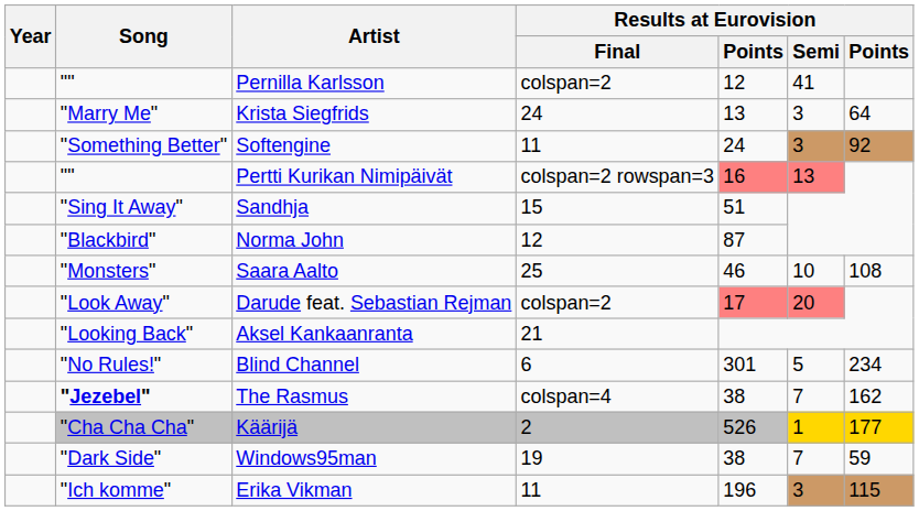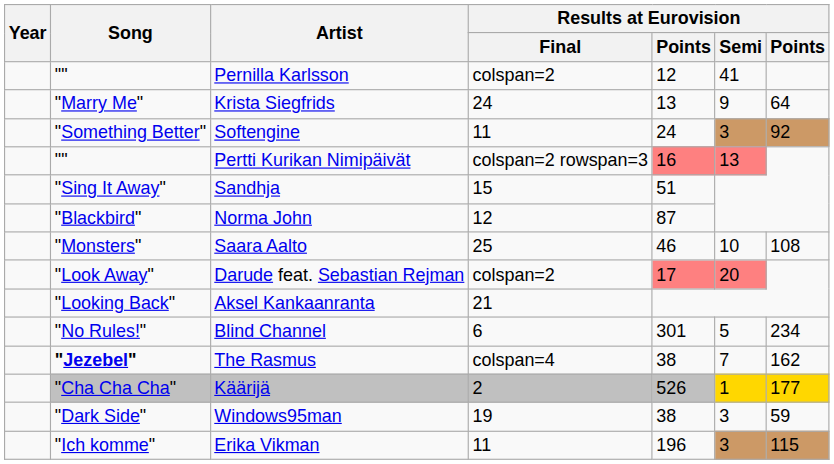 <table class="wikitable sortable">
 <tr>
 <th rowspan="2">Year</th>
 <th rowspan="2">Song</th>
 <th rowspan="2">Artist</th>
 <th colspan="4">Results at Eurovision</th>
 </tr>
 <tr bgcolor="#efefef">
 <th>Final</th>
 <th>Points</th>
 <th>Semi</th>
 <th>Points</th>
 </tr>
 <tr>
 <td></td>
 <td>""</td>
 <td><a href='#'>Pernilla Karlsson</a></td>
 <td>colspan=2 </td>
 <td>12</td>
 <td>41</td>
 </tr>
 <tr>
 <td></td>
 <td>"<a href='#'>Marry Me</a>"</td>
 <td><a href='#'>Krista Siegfrids</a></td>
 <td>24</td>
 <td>13</td>
-<td>3</td>
+<td>9</td>
 <td>64</td>
 </tr>
 <tr>
 <td></td>
 <td>"<a href='#'>Something Better</a>"</td>
 <td><a href='#'>Softengine</a></td>
 <td>11</td>
 <td>24</td>
 <td bgcolor="#CC9966">3</td>
 <td bgcolor="#CC9966">92</td>
 </tr>
 <tr>
 <td></td>
 <td>""</td>
 <td><a href='#'>Pertti Kurikan Nimipäivät</a></td>
 <td>colspan=2 rowspan=3 </td>
 <td bgcolor="#FE8080">16</td>
 <td bgcolor="#FE8080">13</td>
 </tr>
 <tr>
 <td></td>
 <td>"<a href='#'>Sing It Away</a>"</td>
 <td><a href='#'>Sandhja</a></td>
 <td>15</td>
 <td>51</td>
 </tr>
 <tr>
 <td></td>
 <td>"<a href='#'>Blackbird</a>"</td>
 <td><a href='#'>Norma John</a></td>
 <td>12</td>
 <td>87</td>
 </tr>
 <tr>
 <td></td>
 <td>"<a href='#'>Monsters</a>"</td>
 <td><a href='#'>Saara Aalto</a></td>
 <td>25</td>
 <td>46</td>
 <td>10</td>
 <td>108</td>
 </tr>
 <tr>
 <td></td>
 <td>"<a href='#'>Look Away</a>"</td>
 <td><a href='#'>Darude</a> feat. <a href='#'>Sebastian Rejman</a></td>
 <td>colspan=2 </td>
 <td bgcolor="#FE8080">17</td>
 <td bgcolor="#FE8080">20</td>
 </tr>
 <tr>
 <td></td>
 <td>"<a href='#'>Looking Back</a>"</td>
 <td><a href='#'>Aksel Kankaanranta</a></td>
 <td>21</td>
 </tr>
 <tr>
 <td></td>
 <td>"<a href='#'>No Rules!</a>"</td>
 <td><a href='#'>Blind Channel</a></td>
 <td>6</td>
 <td>301</td>
 <td>5</td>
 <td>234</td>
 </tr>
 <tr>
 <td></td>
 <td><strong>"<a href='#'>Jezebel</a>"</strong></td>
 <td><a href='#'>The Rasmus</a></td>
 <td>colspan=4 </td>
 <td>38</td>
 <td>7</td>
 <td>162</td>
 </tr>
 <tr>
 <td></td>
 <td bgcolor=silver>"<a href='#'>Cha Cha Cha</a>"</td>
 <td bgcolor=silver><a href='#'>Käärijä</a></td>
 <td bgcolor=silver>2</td>
 <td bgcolor=silver>526</td>
 <td bgcolor=gold>1</td>
 <td bgcolor=gold>177</td>
 </tr>
 <tr>
 <td></td>
 <td>"<a href='#'>Dark Side</a>"</td>
 <td><a href='#'>Windows95man</a></td>
 <td>19</td>
 <td>38</td>
-<td>7</td>
+<td>3</td>
 <td>59</td>
 </tr>
 <tr>
 <td></td>
 <td>"<a href='#'>Ich komme</a>"</td>
 <td><a href='#'>Erika Vikman</a></td>
 <td>11</td>
 <td>196</td>
 <td bgcolor="#CC9966">3</td>
 <td bgcolor="#CC9966">115</td>
 </tr>
 </table>
